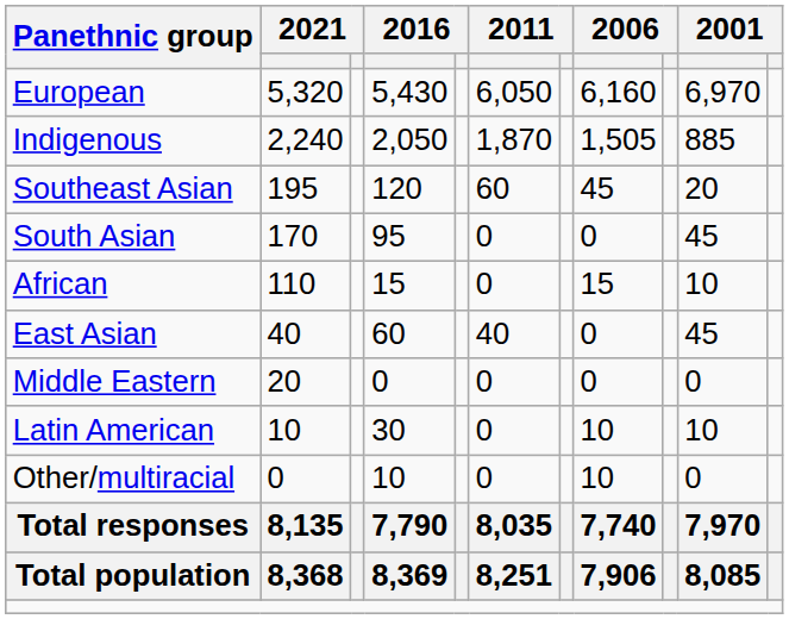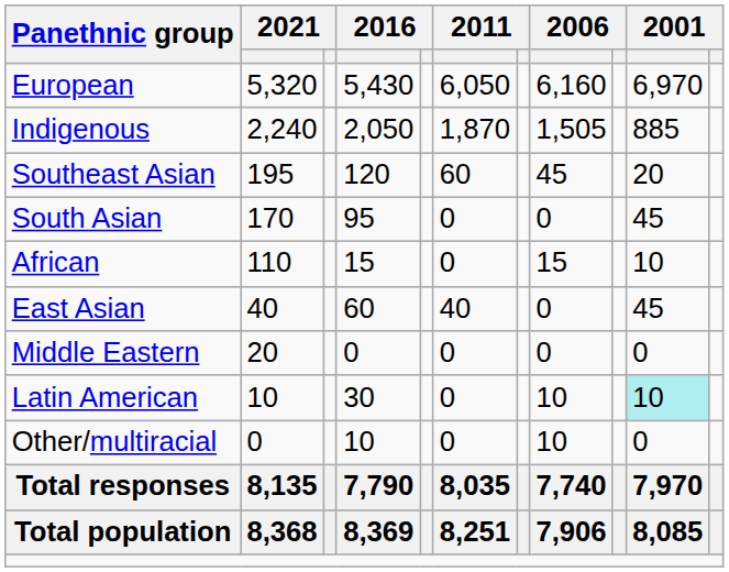 <table class="wikitable collapsible sortable">
 <tr>
 <th rowspan="2"><a href='#'>Panethnic</a> group</th>
 <th colspan="2">2021</th>
 <th colspan="2">2016</th>
 <th colspan="2">2011</th>
 <th colspan="2">2006</th>
 <th colspan="2">2001</th>
 </tr>
 <tr>
 <th><a href='#'></a></th>
 <th></th>
 <th></th>
 <th></th>
 <th></th>
 <th></th>
 <th></th>
 <th></th>
 <th></th>
 <th></th>
 </tr>
 <tr>
 <td><a href='#'>European</a></td>
 <td>5,320</td>
 <td></td>
 <td>5,430</td>
 <td></td>
 <td>6,050</td>
 <td></td>
 <td>6,160</td>
 <td></td>
 <td>6,970</td>
 <td></td>
 </tr>
 <tr>
 <td><a href='#'>Indigenous</a></td>
 <td>2,240</td>
 <td></td>
 <td>2,050</td>
 <td></td>
 <td>1,870</td>
 <td></td>
 <td>1,505</td>
 <td></td>
 <td>885</td>
 <td></td>
 </tr>
 <tr>
 <td><a href='#'>Southeast Asian</a></td>
 <td>195</td>
 <td></td>
 <td>120</td>
 <td></td>
 <td>60</td>
 <td></td>
 <td>45</td>
 <td></td>
 <td>20</td>
 <td></td>
 </tr>
 <tr>
 <td><a href='#'>South Asian</a></td>
 <td>170</td>
 <td></td>
 <td>95</td>
 <td></td>
 <td>0</td>
 <td></td>
 <td>0</td>
 <td></td>
 <td>45</td>
 <td></td>
 </tr>
 <tr>
 <td><a href='#'>African</a></td>
 <td>110</td>
 <td></td>
 <td>15</td>
 <td></td>
 <td>0</td>
 <td></td>
 <td>15</td>
 <td></td>
 <td>10</td>
 <td></td>
 </tr>
 <tr>
 <td><a href='#'>East Asian</a></td>
 <td>40</td>
 <td></td>
 <td>60</td>
 <td></td>
 <td>40</td>
 <td></td>
 <td>0</td>
 <td></td>
 <td>45</td>
 <td></td>
 </tr>
 <tr>
 <td><a href='#'>Middle Eastern</a></td>
 <td>20</td>
 <td></td>
 <td>0</td>
 <td></td>
 <td>0</td>
 <td></td>
 <td>0</td>
 <td></td>
 <td>0</td>
 <td></td>
 </tr>
 <tr>
 <td><a href='#'>Latin American</a></td>
 <td>10</td>
 <td></td>
 <td>30</td>
 <td></td>
 <td>0</td>
 <td></td>
 <td>10</td>
 <td></td>
-<td>10</td>
+<td style="background: paleturquoise;">10</td>
 <td></td>
 </tr>
 <tr>
 <td>Other/<a href='#'>multiracial</a></td>
 <td>0</td>
 <td></td>
 <td>10</td>
 <td></td>
 <td>0</td>
 <td></td>
 <td>10</td>
 <td></td>
 <td>0</td>
 <td></td>
 </tr>
 <tr>
 <th>Total responses</th>
 <th>8,135</th>
 <th></th>
 <th>7,790</th>
 <th></th>
 <th>8,035</th>
 <th></th>
 <th>7,740</th>
 <th></th>
 <th>7,970</th>
 <th></th>
 </tr>
 <tr class="sortbottom">
 <th>Total population</th>
 <th>8,368</th>
 <th></th>
 <th>8,369</th>
 <th></th>
 <th>8,251</th>
 <th></th>
 <th>7,906</th>
 <th></th>
 <th>8,085</th>
 <th></th>
 </tr>
 <tr class="sortbottom">
 <td colspan="11"></td>
 </tr>
 </table>
